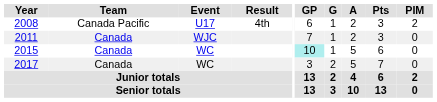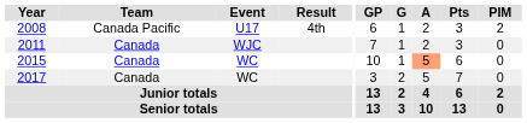 <table border="0" cellpadding="1" cellspacing="0" ID="Table3" style="text-align:center; width:40em">
 <tr ALIGN="centre" bgcolor="#e0e0e0">
 <th>Year</th>
 <th>Team</th>
 <th>Event</th>
 <th>Result</th>
 <th rowspan="99" bgcolor="#ffffff"></th>
 <th>GP</th>
 <th>G</th>
 <th>A</th>
 <th>Pts</th>
 <th>PIM</th>
 </tr>
 <tr>
 <td><a href='#'>2008</a></td>
 <td>Canada Pacific</td>
 <td><a href='#'>U17</a></td>
 <td>4th</td>
 <td>6</td>
 <td>1</td>
 <td>2</td>
 <td>3</td>
 <td>2</td>
 </tr>
 <tr bgcolor="#f0f0f0">
 <td><a href='#'>2011</a></td>
 <td><a href='#'>Canada</a></td>
 <td><a href='#'>WJC</a></td>
 <td></td>
 <td>7</td>
 <td>1</td>
 <td>2</td>
 <td>3</td>
 <td>0</td>
 </tr>
 <tr>
 <td><a href='#'>2015</a></td>
 <td><a href='#'>Canada</a></td>
 <td><a href='#'>WC</a></td>
 <td></td>
-<td style="background: paleturquoise;">10</td>
+<td>10</td>
 <td>1</td>
-<td>5</td>
+<td style="background: lightsalmon;">5</td>
 <td>6</td>
 <td>0</td>
 </tr>
 <tr bgcolor="#f0f0f0">
 <td><a href='#'>2017</a></td>
 <td>Canada</td>
 <td>WC</td>
 <td></td>
 <td>3</td>
 <td>2</td>
 <td>5</td>
 <td>7</td>
 <td>0</td>
 </tr>
 <tr bgcolor="#e0e0e0">
 <th colspan=4>Junior totals</th>
 <th>13</th>
 <th>2</th>
 <th>4</th>
 <th>6</th>
 <th>2</th>
 </tr>
 <tr bgcolor="#e0e0e0">
 <th colspan="4">Senior totals</th>
 <th>13</th>
 <th>3</th>
 <th>10</th>
 <th>13</th>
 <th>0</th>
 </tr>
 </table>
